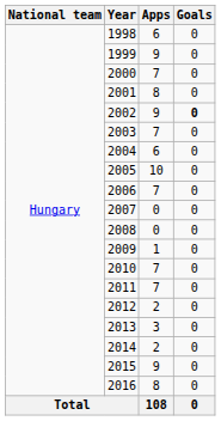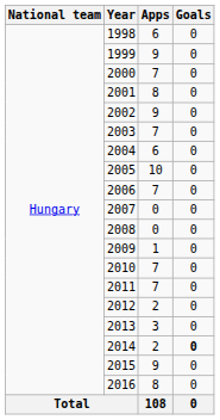 <table class="wikitable" style="text-align:center">
 <tr>
 <th>National team</th>
 <th>Year</th>
 <th>Apps</th>
 <th>Goals</th>
 </tr>
 <tr>
 <td rowspan="19"><a href='#'>Hungary</a></td>
 <td>1998</td>
 <td>6</td>
 <td>0</td>
 </tr>
 <tr>
 <td>1999</td>
 <td>9</td>
 <td>0</td>
 </tr>
 <tr>
 <td>2000</td>
 <td>7</td>
 <td>0</td>
 </tr>
 <tr>
 <td>2001</td>
 <td>8</td>
 <td>0</td>
 </tr>
 <tr>
 <td>2002</td>
 <td>9</td>
-<td><strong>0</strong></td>
+<td>0</td>
 </tr>
 <tr>
 <td>2003</td>
 <td>7</td>
 <td>0</td>
 </tr>
 <tr>
 <td>2004</td>
 <td>6</td>
 <td>0</td>
 </tr>
 <tr>
 <td>2005</td>
 <td>10</td>
 <td>0</td>
 </tr>
 <tr>
 <td>2006</td>
 <td>7</td>
 <td>0</td>
 </tr>
 <tr>
 <td>2007</td>
 <td>0</td>
 <td>0</td>
 </tr>
 <tr>
 <td>2008</td>
 <td>0</td>
 <td>0</td>
 </tr>
 <tr>
 <td>2009</td>
 <td>1</td>
 <td>0</td>
 </tr>
 <tr>
 <td>2010</td>
 <td>7</td>
 <td>0</td>
 </tr>
 <tr>
 <td>2011</td>
 <td>7</td>
 <td>0</td>
 </tr>
 <tr>
 <td>2012</td>
 <td>2</td>
 <td>0</td>
 </tr>
 <tr>
 <td>2013</td>
 <td>3</td>
 <td>0</td>
 </tr>
 <tr>
 <td>2014</td>
 <td>2</td>
-<td>0</td>
+<td><strong>0</strong></td>
 </tr>
 <tr>
 <td>2015</td>
 <td>9</td>
 <td>0</td>
 </tr>
 <tr>
 <td>2016</td>
 <td>8</td>
 <td>0</td>
 </tr>
 <tr>
 <th colspan="2">Total</th>
 <th>108</th>
 <th>0</th>
 </tr>
 </table>
